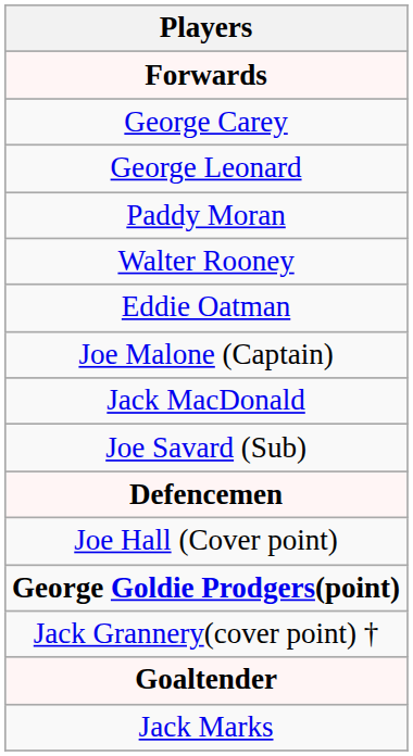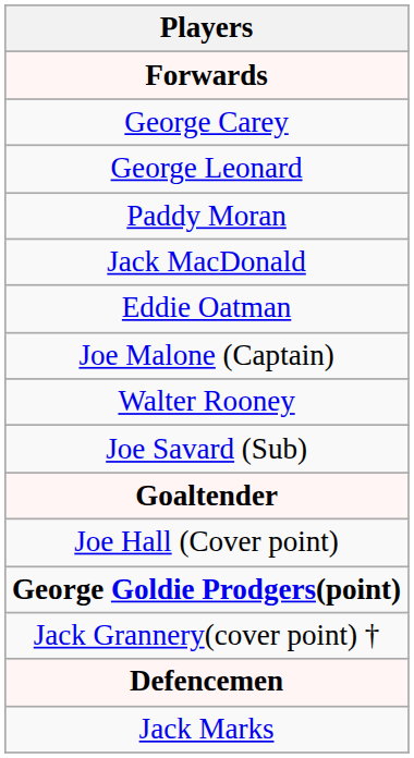 <table class="wikitable" style="text-align:center;">
 <tr>
 <th>Players</th>
 </tr>
 <tr style="font-weight:bold; background-color:#FFF5F5;">
 <td colspan="1" align="center"><strong>Forwards</strong></td>
 </tr>
 <tr>
 <td><a href='#'>George Carey</a></td>
 </tr>
 <tr>
 <td><a href='#'>George Leonard</a></td>
 </tr>
 <tr>
 <td><a href='#'>Paddy Moran</a></td>
 </tr>
 <tr>
-<td><a href='#'>Walter Rooney</a></td>
+<td><a href='#'>Jack MacDonald</a></td>
 </tr>
 <tr>
 <td><a href='#'>Eddie Oatman</a></td>
 </tr>
 <tr>
 <td><a href='#'>Joe Malone</a> (Captain)</td>
 </tr>
 <tr>
-<td><a href='#'>Jack MacDonald</a></td>
+<td><a href='#'>Walter Rooney</a></td>
 </tr>
 <tr>
 <td><a href='#'>Joe Savard</a> (Sub)</td>
 </tr>
 <tr style="font-weight:bold; background-color:#FFF5F5;">
-<td colspan="1" align="center"><strong>Defencemen</strong></td>
+<td colspan="1" align="center"><strong>Goaltender</strong></td>
 </tr>
 <tr>
 <td><a href='#'>Joe Hall</a> (Cover point)</td>
 </tr>
 <tr>
 <td><strong>George <a href='#'>Goldie Prodgers</a>(point)</strong></td>
 </tr>
 <tr>
 <td><a href='#'>Jack Grannery</a>(cover point) †</td>
 </tr>
 <tr style="font-weight:bold; background-color:#FFF5F5;">
-<td colspan="1" align="center"><strong>Goaltender</strong></td>
+<td colspan="1" align="center"><strong>Defencemen</strong></td>
 </tr>
 <tr>
 <td><a href='#'>Jack Marks</a></td>
 </tr>
 </table>
